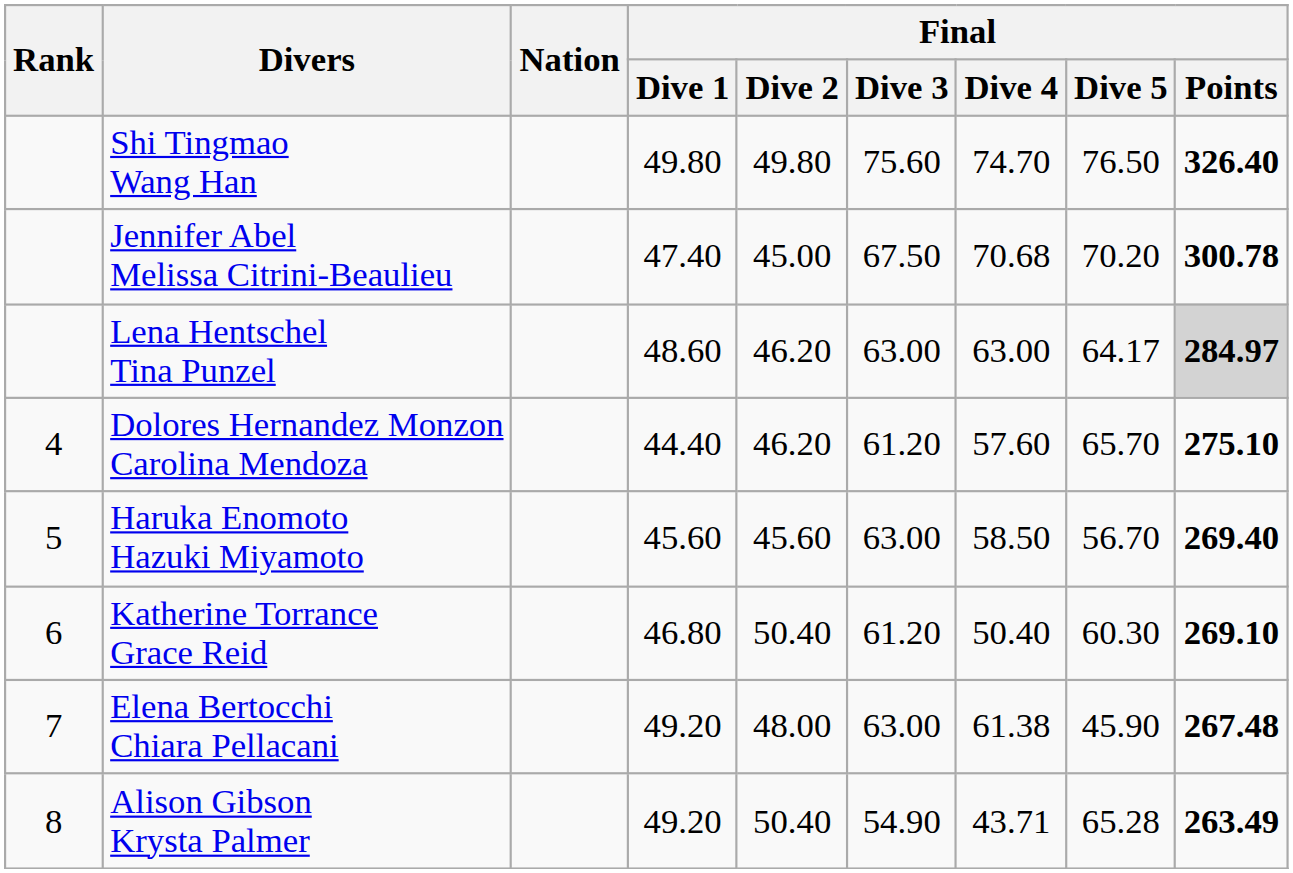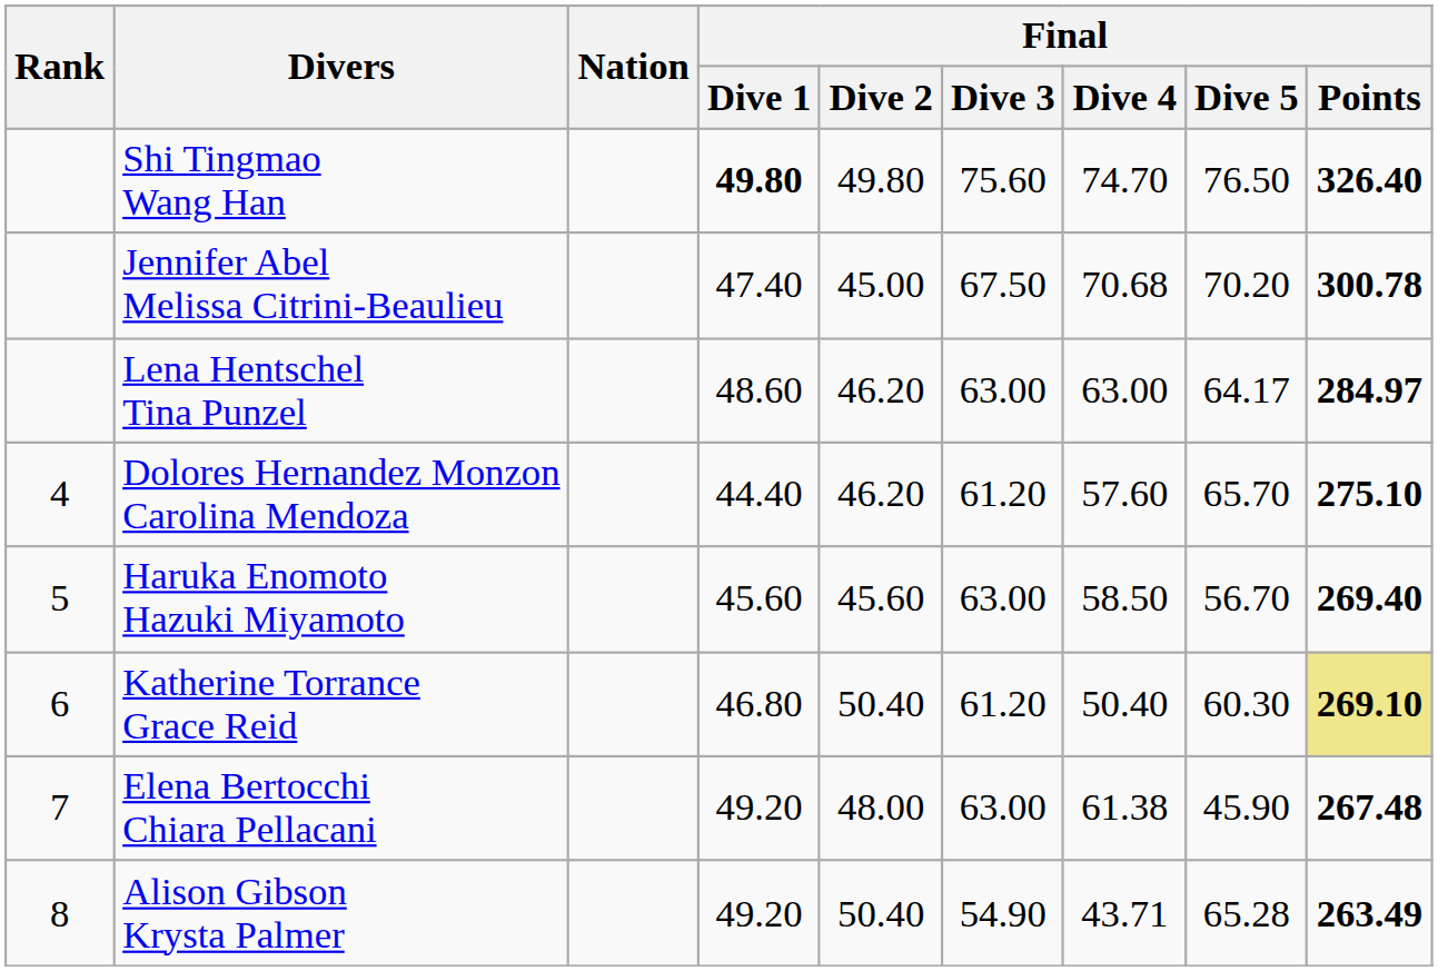 <table class="wikitable sortable" style="text-align:center">
 <tr>
 <th rowspan=2 data-sort-type=number>Rank</th>
 <th rowspan=2>Divers</th>
 <th rowspan=2>Nation</th>
 <th colspan=6>Final</th>
 </tr>
 <tr>
 <th>Dive 1</th>
 <th>Dive 2</th>
 <th>Dive 3</th>
 <th>Dive 4</th>
 <th>Dive 5</th>
 <th>Points</th>
 </tr>
 <tr>
 <td></td>
 <td align=left><a href='#'>Shi Tingmao</a><br><a href='#'>Wang Han</a></td>
 <td align=left></td>
-<td>49.80</td>
+<td><strong>49.80</strong></td>
 <td>49.80</td>
 <td>75.60</td>
 <td>74.70</td>
 <td>76.50</td>
 <td><strong>326.40</strong></td>
 </tr>
 <tr>
 <td></td>
 <td align=left><a href='#'>Jennifer Abel</a><br><a href='#'>Melissa Citrini-Beaulieu</a></td>
 <td align=left></td>
 <td>47.40</td>
 <td>45.00</td>
 <td>67.50</td>
 <td>70.68</td>
 <td>70.20</td>
 <td><strong>300.78</strong></td>
 </tr>
 <tr>
 <td></td>
 <td align=left><a href='#'>Lena Hentschel</a><br> <a href='#'>Tina Punzel</a></td>
 <td align=left></td>
 <td>48.60</td>
 <td>46.20</td>
 <td>63.00</td>
 <td>63.00</td>
 <td>64.17</td>
-<td style="background: lightgrey;"><strong>284.97</strong></td>
+<td><strong>284.97</strong></td>
 </tr>
 <tr>
 <td>4</td>
 <td align=left><a href='#'>Dolores Hernandez Monzon</a><br><a href='#'>Carolina Mendoza</a></td>
 <td align=left></td>
 <td>44.40</td>
 <td>46.20</td>
 <td>61.20</td>
 <td>57.60</td>
 <td>65.70</td>
 <td><strong>275.10</strong></td>
 </tr>
 <tr>
 <td>5</td>
 <td align=left><a href='#'>Haruka Enomoto</a><br><a href='#'>Hazuki Miyamoto</a></td>
 <td align=left></td>
 <td>45.60</td>
 <td>45.60</td>
 <td>63.00</td>
 <td>58.50</td>
 <td>56.70</td>
 <td><strong>269.40</strong></td>
 </tr>
 <tr>
 <td>6</td>
 <td align=left><a href='#'>Katherine Torrance</a><br><a href='#'>Grace Reid</a></td>
 <td align=left></td>
 <td>46.80</td>
 <td>50.40</td>
 <td>61.20</td>
 <td>50.40</td>
 <td>60.30</td>
-<td><strong>269.10</strong></td>
+<td style="background: khaki;"><strong>269.10</strong></td>
 </tr>
 <tr>
 <td>7</td>
 <td align=left><a href='#'>Elena Bertocchi</a><br><a href='#'>Chiara Pellacani</a></td>
 <td align=left></td>
 <td>49.20</td>
 <td>48.00</td>
 <td>63.00</td>
 <td>61.38</td>
 <td>45.90</td>
 <td><strong>267.48</strong></td>
 </tr>
 <tr>
 <td>8</td>
 <td align=left><a href='#'>Alison Gibson</a><br><a href='#'>Krysta Palmer</a></td>
 <td align=left></td>
 <td>49.20</td>
 <td>50.40</td>
 <td>54.90</td>
 <td>43.71</td>
 <td>65.28</td>
 <td><strong>263.49</strong></td>
 </tr>
 <tr>
 </tr>
 </table>
